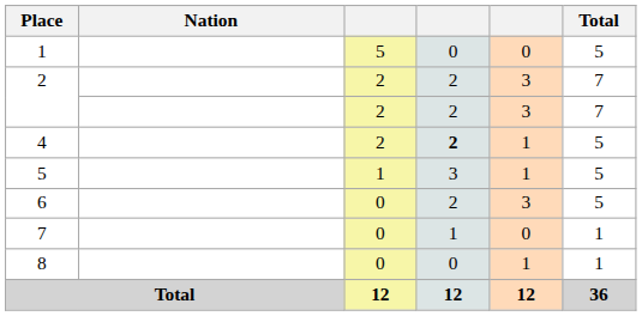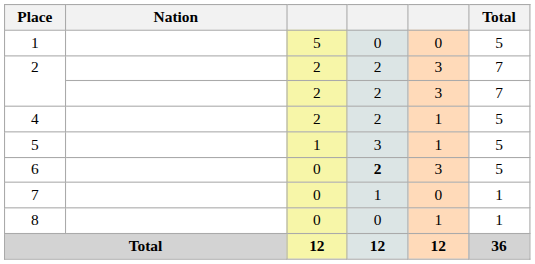 <table class=wikitable style="border:1px solid #AAAAAA;font-size:90%">
 <tr bgcolor="#EFEFEF">
 <th width=50>Place</th>
 <th width=200>Nation</th>
 <th width=50></th>
 <th width=50></th>
 <th width=50></th>
 <th width=50>Total</th>
 </tr>
 <tr align="center" valign="top" bgcolor="#FFFFFF">
 <td>1</td>
 <td align="left"></td>
 <td style="background:#F7F6A8;">5</td>
 <td style="background:#DCE5E5;">0</td>
 <td style="background:#FFDAB9;">0</td>
 <td>5</td>
 </tr>
 <tr align="center" valign="top" bgcolor="#FFFFFF">
 <td rowspan="2" valign="center">2</td>
 <td align="left"></td>
 <td style="background:#F7F6A8;">2</td>
 <td style="background:#DCE5E5;">2</td>
 <td style="background:#FFDAB9;">3</td>
 <td>7</td>
 </tr>
 <tr align="center" valign="top" bgcolor="#FFFFFF">
 <td align="left"></td>
 <td style="background:#F7F6A8;">2</td>
 <td style="background:#DCE5E5;">2</td>
 <td style="background:#FFDAB9;">3</td>
 <td>7</td>
 </tr>
 <tr align="center" valign="top" bgcolor="#FFFFFF">
 <td>4</td>
 <td align="left"></td>
 <td style="background:#F7F6A8;">2</td>
-<td style="background:#DCE5E5;"><strong>2</strong></td>
+<td style="background:#DCE5E5;">2</td>
 <td style="background:#FFDAB9;">1</td>
 <td>5</td>
 </tr>
 <tr align="center" valign="top" bgcolor="#FFFFFF">
 <td>5</td>
 <td align="left"></td>
 <td style="background:#F7F6A8;">1</td>
 <td style="background:#DCE5E5;">3</td>
 <td style="background:#FFDAB9;">1</td>
 <td>5</td>
 </tr>
 <tr align="center" valign="top" bgcolor="#FFFFFF">
 <td>6</td>
 <td align="left"></td>
 <td style="background:#F7F6A8;">0</td>
-<td style="background:#DCE5E5;">2</td>
+<td style="background:#DCE5E5;"><strong>2</strong></td>
 <td style="background:#FFDAB9;">3</td>
 <td>5</td>
 </tr>
 <tr align="center" valign="top" bgcolor="#FFFFFF">
 <td>7</td>
 <td align="left"></td>
 <td style="background:#F7F6A8;">0</td>
 <td style="background:#DCE5E5;">1</td>
 <td style="background:#FFDAB9;">0</td>
 <td>1</td>
 </tr>
 <tr align="center" valign="top" bgcolor="#FFFFFF">
 <td>8</td>
 <td align="left"></td>
 <td style="background:#F7F6A8;">0</td>
 <td style="background:#DCE5E5;">0</td>
 <td style="background:#FFDAB9;">1</td>
 <td>1</td>
 </tr>
 <tr align="center">
 <td colspan="2" bgcolor=D3D3D3><strong>Total</strong></td>
 <td style="background:#F7F6A8;"><strong>12</strong></td>
 <td style="background:#DCE5E5;"><strong>12</strong></td>
 <td style="background:#FFDAB9;"><strong>12</strong></td>
 <td bgcolor=D3D3D3><strong>36</strong></td>
 </tr>
 </table>
